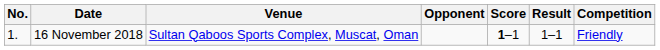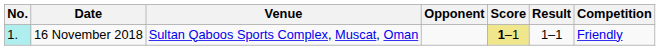 <table class="wikitable" style="font-size:100%;">
 <tr>
 <th>No.</th>
 <th>Date</th>
 <th>Venue</th>
 <th>Opponent</th>
 <th>Score</th>
 <th>Result</th>
 <th>Competition</th>
 </tr>
 <tr>
-<td>1.</td>
+<td style="background: paleturquoise;">1.</td>
 <td>16 November 2018</td>
 <td><a href='#'>Sultan Qaboos Sports Complex</a>, <a href='#'>Muscat</a>, <a href='#'>Oman</a></td>
 <td></td>
-<td align=center><strong>1</strong>–1</td>
+<td align=center style="background: khaki;"><strong>1</strong>–1</td>
 <td align=center>1–1</td>
 <td rowspan=2><a href='#'>Friendly</a></td>
 </tr>
 </table>
